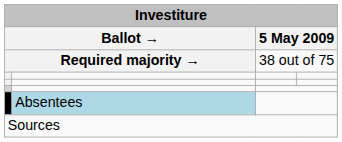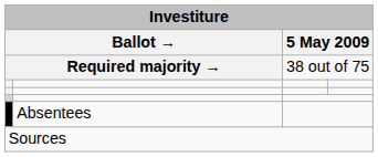 <table class="wikitable" style="text-align:center;">
 <tr bgcolor="#E9E9E9">
 <td colspan="4" align="center" bgcolor="#C0C0C0"><strong>Investiture</strong></td>
 </tr>
 <tr>
 <th colspan="2" width="275px">Ballot →</th>
 <th colspan="2">5 May 2009</th>
 </tr>
 <tr>
 <th colspan="2">Required majority →</th>
 <td colspan="2">38 out of 75</td>
 </tr>
 <tr>
 <th width="1px" style="background:"></th>
 <td align="left"></td>
 <td></td>
 <td></td>
 </tr>
 <tr>
 <th style="color:inherit;background:"></th>
 <td align="left"></td>
 <td></td>
 <td></td>
 </tr>
 <tr>
 <th style="color:inherit;background:lightgray;"></th>
 <td align="left"></td>
 <td colspan="2"></td>
 </tr>
 <tr>
 <th style="color:inherit;background:black;"></th>
-<td align="left" style="background: lightblue;"><span>Absentees</span></td>
+<td align="left"><span>Absentees</span></td>
 <td colspan="2"></td>
 </tr>
 <tr>
 <td align="left" colspan="4">Sources</td>
 </tr>
 </table>
